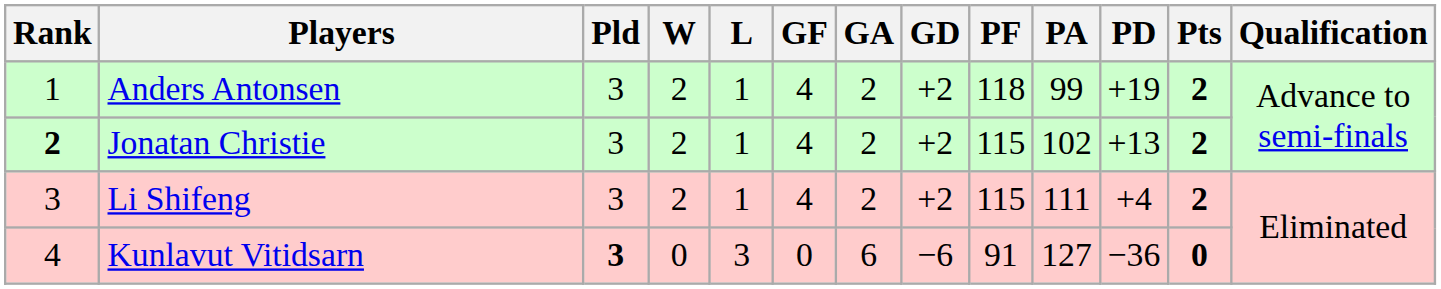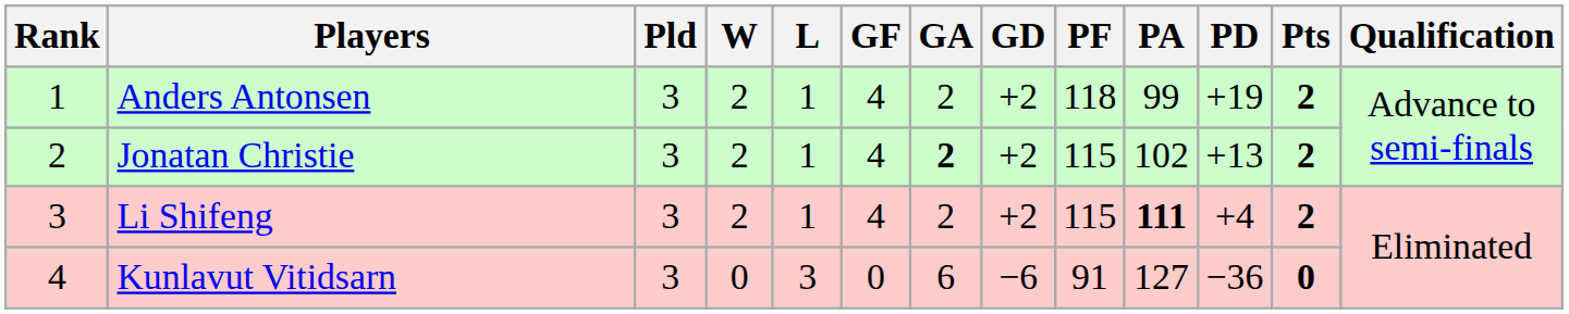 <table class="wikitable" style="font-size:90%; text-align:center">
 <tr>
 <th width="20">Rank</th>
 <th width="200">Players</th>
 <th width="20">Pld</th>
 <th width="20">W</th>
 <th width="20">L</th>
 <th width="20">GF</th>
 <th width="20">GA</th>
 <th width="20">GD</th>
 <th width="20">PF</th>
 <th width="20">PA</th>
 <th width="20">PD</th>
 <th width="20">Pts</th>
 <th width="20">Qualification</th>
 </tr>
 <tr bgcolor="#ccffcc">
 <td>1</td>
 <td align="left"> <a href='#'>Anders Antonsen</a></td>
 <td>3</td>
 <td>2</td>
 <td>1</td>
 <td>4</td>
 <td>2</td>
 <td>+2</td>
 <td>118</td>
 <td>99</td>
 <td>+19</td>
 <td><strong>2</strong></td>
 <td rowspan="2">Advance to <a href='#'>semi-finals</a></td>
 </tr>
 <tr bgcolor="#ccffcc">
-<td><strong>2</strong></td>
+<td>2</td>
 <td align="left"> <a href='#'>Jonatan Christie</a></td>
 <td>3</td>
 <td>2</td>
 <td>1</td>
 <td>4</td>
-<td>2</td>
+<td><strong>2</strong></td>
 <td>+2</td>
 <td>115</td>
 <td>102</td>
 <td>+13</td>
 <td><strong>2</strong></td>
 </tr>
 <tr bgcolor="#ffcccc">
 <td>3</td>
 <td align="left"> <a href='#'>Li Shifeng</a></td>
 <td>3</td>
 <td>2</td>
 <td>1</td>
 <td>4</td>
 <td>2</td>
 <td>+2</td>
 <td>115</td>
-<td>111</td>
+<td><strong>111</strong></td>
 <td>+4</td>
 <td><strong>2</strong></td>
 <td rowspan="2">Eliminated</td>
 </tr>
 <tr bgcolor="#ffcccc">
 <td>4</td>
 <td align="left"> <a href='#'>Kunlavut Vitidsarn</a></td>
-<td><strong>3</strong></td>
+<td>3</td>
 <td>0</td>
 <td>3</td>
 <td>0</td>
 <td>6</td>
 <td>−6</td>
 <td>91</td>
 <td>127</td>
 <td>−36</td>
 <td><strong>0</strong></td>
 </tr>
 </table>
